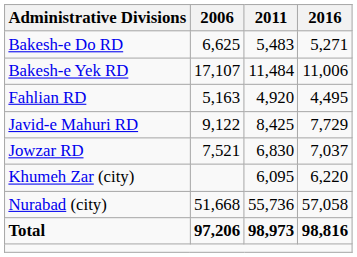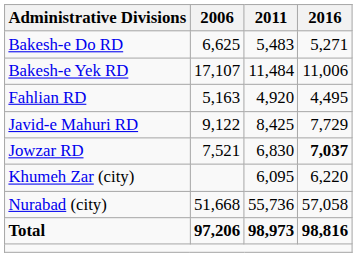 <table class="wikitable">
 <tr>
 <th>Administrative Divisions</th>
 <th>2006</th>
 <th>2011</th>
 <th>2016</th>
 </tr>
 <tr>
 <td><a href='#'>Bakesh-e Do RD</a></td>
 <td style="text-align: right;">6,625</td>
 <td style="text-align: right;">5,483</td>
 <td style="text-align: right;">5,271</td>
 </tr>
 <tr>
 <td><a href='#'>Bakesh-e Yek RD</a></td>
 <td style="text-align: right;">17,107</td>
 <td style="text-align: right;">11,484</td>
 <td style="text-align: right;">11,006</td>
 </tr>
 <tr>
 <td><a href='#'>Fahlian RD</a></td>
 <td style="text-align: right;">5,163</td>
 <td style="text-align: right;">4,920</td>
 <td style="text-align: right;">4,495</td>
 </tr>
 <tr>
 <td><a href='#'>Javid-e Mahuri RD</a></td>
 <td style="text-align: right;">9,122</td>
 <td style="text-align: right;">8,425</td>
 <td style="text-align: right;">7,729</td>
 </tr>
 <tr>
 <td><a href='#'>Jowzar RD</a></td>
 <td style="text-align: right;">7,521</td>
 <td style="text-align: right;">6,830</td>
-<td style="text-align: right;">7,037</td>
+<td style="text-align: right;"><strong>7,037</strong></td>
 </tr>
 <tr>
 <td><a href='#'>Khumeh Zar</a> (city)</td>
 <td style="text-align: right;"></td>
 <td style="text-align: right;">6,095</td>
 <td style="text-align: right;">6,220</td>
 </tr>
 <tr>
 <td><a href='#'>Nurabad</a> (city)</td>
 <td style="text-align: right;">51,668</td>
 <td style="text-align: right;">55,736</td>
 <td style="text-align: right;">57,058</td>
 </tr>
 <tr>
 <td><strong>Total</strong></td>
 <td style="text-align: right;"><strong>97,206</strong></td>
 <td style="text-align: right;"><strong>98,973</strong></td>
 <td style="text-align: right;"><strong>98,816</strong></td>
 </tr>
 <tr>
 <td colspan=4></td>
 </tr>
 </table>
